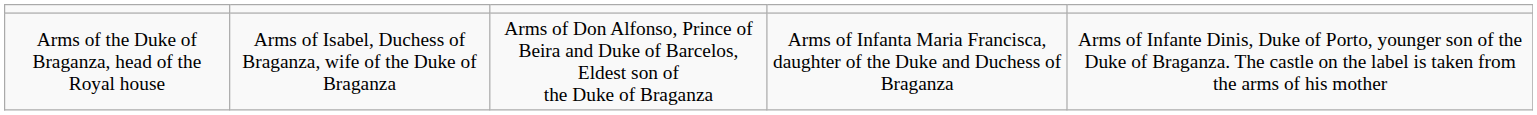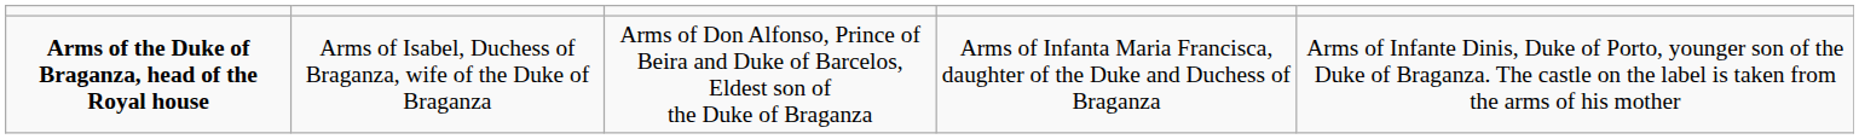 <table class="wikitable" style="margin:1em auto; text-align:center;">
 <tr>
 <td></td>
 <td></td>
 <td></td>
 <td></td>
 <td></td>
 </tr>
 <tr>
-<td>Arms of the Duke of Braganza, head of the Royal house<br></td>
+<td><strong>Arms of the Duke of Braganza, head of the Royal house<br></strong></td>
 <td>Arms of Isabel, Duchess of Braganza, wife of the Duke of Braganza</td>
 <td>Arms of Don Alfonso, Prince of Beira and Duke of Barcelos, Eldest son of<br>the Duke of Braganza</td>
 <td>Arms of Infanta Maria Francisca, daughter of the Duke and Duchess of Braganza</td>
 <td>Arms of Infante Dinis, Duke of Porto, younger son of the Duke of Braganza. The castle on the label is taken from the arms of his mother</td>
 </tr>
 </table>
